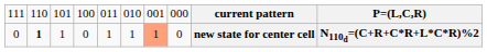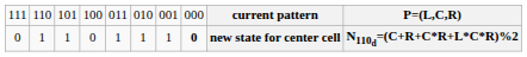 <table class="wikitable" style="text-align: center">
 <tr>
 <td>111</td>
 <td>110</td>
 <td>101</td>
 <td>100</td>
 <td>011</td>
 <td>010</td>
 <td>001</td>
 <td>000</td>
 <th>current pattern</th>
 <th>P=(L,C,R)</th>
 </tr>
 <tr>
 <td>0</td>
-<td><strong>1</strong></td>
+<td>1</td>
 <td>1</td>
 <td>0</td>
 <td>1</td>
 <td>1</td>
-<td style="background: lightsalmon;">1</td>
-<td>0</td>
+<td>1</td>
+<td><strong>0</strong></td>
 <th>new state for center cell</th>
 <th>N<sub>110<sub>d</sub></sub>=(C+R+C*R+L*C*R)%2</th>
 </tr>
 </table>
